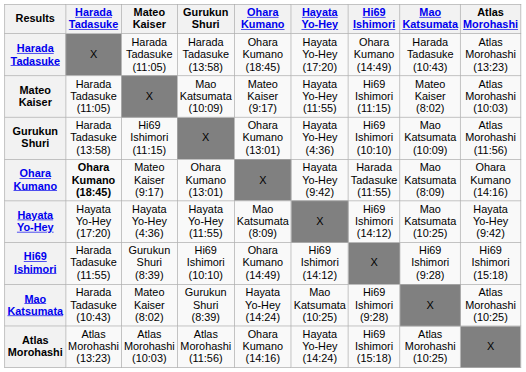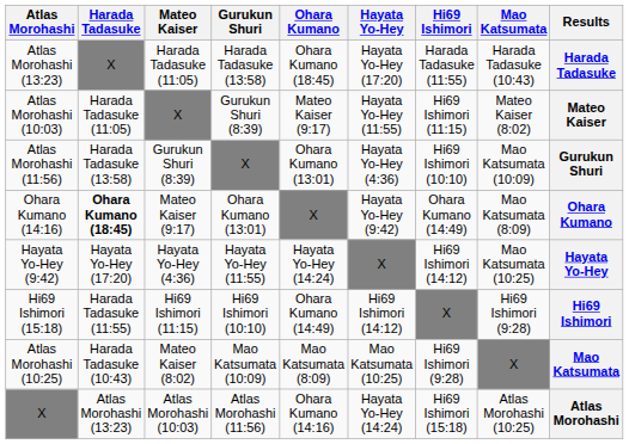 <table class="wikitable" style="text-align:center; margin: 1em auto 1em auto">
 <tr align="center">
-<th>Results</th>
+<th>Atlas<br><a href='#'>Morohashi</a></th>
 <th><a href='#'>Harada</a><br><a href='#'>Tadasuke</a></th>
 <th>Mateo<br>Kaiser</th>
 <th>Gurukun<br>Shuri</th>
 <th><a href='#'>Ohara</a><br><a href='#'>Kumano</a></th>
 <th><a href='#'>Hayata</a><br><a href='#'>Yo-Hey</a></th>
 <th><a href='#'>Hi69</a><br><a href='#'>Ishimori</a></th>
 <th><a href='#'>Mao</a><br><a href='#'>Katsumata</a></th>
-<th>Atlas<br><a href='#'>Morohashi</a></th>
+<th>Results</th>
 </tr>
 <tr align="center">
-<th><a href='#'>Harada</a><br><a href='#'>Tadasuke</a></th>
+<td>Atlas<br>Morohashi<br>(13:23)</td>
 <td bgcolor=grey>X</td>
 <td>Harada<br>Tadasuke<br>(11:05)</td>
 <td>Harada<br>Tadasuke<br>(13:58)</td>
 <td>Ohara<br>Kumano<br>(18:45)</td>
 <td>Hayata<br>Yo-Hey<br>(17:20)</td>
-<td>Ohara<br>Kumano<br>(14:49)</td>
+<td>Harada<br>Tadasuke<br>(11:55)</td>
 <td>Harada<br>Tadasuke<br>(10:43)</td>
-<td>Atlas<br>Morohashi<br>(13:23)</td>
+<th><a href='#'>Harada</a><br><a href='#'>Tadasuke</a></th>
 </tr>
 <tr align="center">
-<th>Mateo<br>Kaiser</th>
+<td>Atlas<br>Morohashi<br>(10:03)</td>
 <td>Harada<br>Tadasuke<br>(11:05)</td>
 <td bgcolor=grey>X</td>
-<td>Mao<br>Katsumata<br>(10:09)</td>
+<td>Gurukun<br>Shuri<br>(8:39)</td>
 <td>Mateo<br>Kaiser<br>(9:17)</td>
 <td>Hayata<br>Yo-Hey<br>(11:55)</td>
 <td>Hi69<br>Ishimori<br>(11:15)</td>
 <td>Mateo<br>Kaiser<br>(8:02)</td>
-<td>Atlas<br>Morohashi<br>(10:03)</td>
+<th>Mateo<br>Kaiser</th>
 </tr>
 <tr align="center">
-<th>Gurukun<br>Shuri</th>
+<td>Atlas<br>Morohashi<br>(11:56)</td>
 <td>Harada<br>Tadasuke<br>(13:58)</td>
-<td>Hi69<br>Ishimori<br>(11:15)</td>
+<td>Gurukun<br>Shuri<br>(8:39)</td>
 <td bgcolor=grey>X</td>
 <td>Ohara<br>Kumano<br>(13:01)</td>
 <td>Hayata<br>Yo-Hey<br>(4:36)</td>
 <td>Hi69<br>Ishimori<br>(10:10)</td>
 <td>Mao<br>Katsumata<br>(10:09)</td>
-<td>Atlas<br>Morohashi<br>(11:56)</td>
+<th>Gurukun<br>Shuri</th>
 </tr>
 <tr align="center">
-<th><a href='#'>Ohara</a><br><a href='#'>Kumano</a></th>
+<td>Ohara<br>Kumano<br>(14:16)</td>
 <td><strong>Ohara<br>Kumano<br>(18:45)</strong></td>
 <td>Mateo<br>Kaiser<br>(9:17)</td>
 <td>Ohara<br>Kumano<br>(13:01)</td>
 <td bgcolor=grey>X</td>
 <td>Hayata<br>Yo-Hey<br>(9:42)</td>
-<td>Harada<br>Tadasuke<br>(11:55)</td>
+<td>Ohara<br>Kumano<br>(14:49)</td>
 <td>Mao<br>Katsumata<br>(8:09)</td>
-<td>Ohara<br>Kumano<br>(14:16)</td>
+<th><a href='#'>Ohara</a><br><a href='#'>Kumano</a></th>
 </tr>
 <tr align="center">
-<th><a href='#'>Hayata</a><br><a href='#'>Yo-Hey</a></th>
+<td>Hayata<br>Yo-Hey<br>(9:42)</td>
 <td>Hayata<br>Yo-Hey<br>(17:20)</td>
 <td>Hayata<br>Yo-Hey<br>(4:36)</td>
 <td>Hayata<br>Yo-Hey<br>(11:55)</td>
-<td>Mao<br>Katsumata<br>(8:09)</td>
+<td>Hayata<br>Yo-Hey<br>(14:24)</td>
 <td bgcolor=grey>X</td>
 <td>Hi69<br>Ishimori<br>(14:12)</td>
 <td>Mao<br>Katsumata<br>(10:25)</td>
-<td>Hayata<br>Yo-Hey<br>(9:42)</td>
+<th><a href='#'>Hayata</a><br><a href='#'>Yo-Hey</a></th>
 </tr>
 <tr align="center">
-<th><a href='#'>Hi69</a><br><a href='#'>Ishimori</a></th>
+<td>Hi69<br>Ishimori<br>(15:18)</td>
 <td>Harada<br>Tadasuke<br>(11:55)</td>
-<td>Gurukun<br>Shuri<br>(8:39)</td>
+<td>Hi69<br>Ishimori<br>(11:15)</td>
 <td>Hi69<br>Ishimori<br>(10:10)</td>
 <td>Ohara<br>Kumano<br>(14:49)</td>
 <td>Hi69<br>Ishimori<br>(14:12)</td>
 <td bgcolor=grey>X</td>
 <td>Hi69<br>Ishimori<br>(9:28)</td>
-<td>Hi69<br>Ishimori<br>(15:18)</td>
+<th><a href='#'>Hi69</a><br><a href='#'>Ishimori</a></th>
 </tr>
 <tr align="center">
-<th><a href='#'>Mao</a><br><a href='#'>Katsumata</a></th>
+<td>Atlas<br>Morohashi<br>(10:25)</td>
 <td>Harada<br>Tadasuke<br>(10:43)</td>
 <td>Mateo<br>Kaiser<br>(8:02)</td>
-<td>Gurukun<br>Shuri<br>(8:39)</td>
-<td>Hayata<br>Yo-Hey<br>(14:24)</td>
+<td>Mao<br>Katsumata<br>(10:09)</td>
+<td>Mao<br>Katsumata<br>(8:09)</td>
 <td>Mao<br>Katsumata<br>(10:25)</td>
 <td>Hi69<br>Ishimori<br>(9:28)</td>
 <td bgcolor=grey>X</td>
-<td>Atlas<br>Morohashi<br>(10:25)</td>
+<th><a href='#'>Mao</a><br><a href='#'>Katsumata</a></th>
 </tr>
 <tr align="center">
-<th>Atlas<br>Morohashi</th>
+<td bgcolor=grey>X</td>
 <td>Atlas<br>Morohashi<br>(13:23)</td>
 <td>Atlas<br>Morohashi<br>(10:03)</td>
 <td>Atlas<br>Morohashi<br>(11:56)</td>
 <td>Ohara<br>Kumano<br>(14:16)</td>
 <td>Hayata<br>Yo-Hey<br>(14:24)</td>
 <td>Hi69<br>Ishimori<br>(15:18)</td>
 <td>Atlas<br>Morohashi<br>(10:25)</td>
-<td bgcolor=grey>X</td>
+<th>Atlas<br>Morohashi</th>
 </tr>
 </table>
